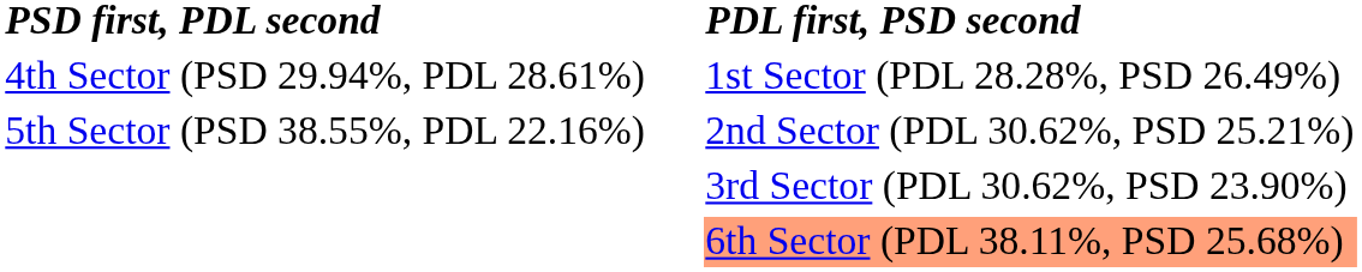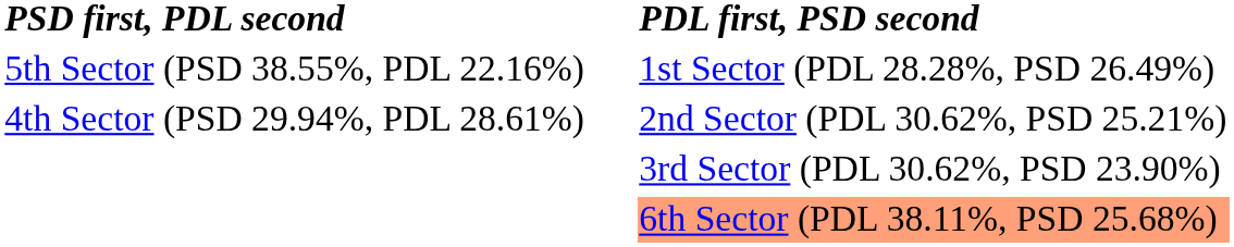 <table>
 <tr>
 <td></td>
 <td></td>
 <td></td>
 <td></td>
 <td></td>
 <td><strong><em>PSD first, PDL second</em></strong></td>
 <td></td>
 <td></td>
 <td></td>
 <td></td>
 <td></td>
 <td><strong><em>PDL first, PSD second</em></strong></td>
 </tr>
 <tr>
 <td></td>
 <td></td>
 <td></td>
 <td></td>
 <td></td>
-<td><a href='#'>4th Sector</a> (PSD 29.94%, PDL 28.61%)</td>
+<td><a href='#'>5th Sector</a> (PSD 38.55%, PDL 22.16%)</td>
 <td></td>
 <td></td>
 <td></td>
 <td></td>
 <td></td>
 <td><a href='#'>1st Sector</a> (PDL 28.28%, PSD 26.49%)</td>
 </tr>
 <tr>
 <td></td>
 <td></td>
 <td></td>
 <td></td>
 <td></td>
-<td><a href='#'>5th Sector</a> (PSD 38.55%, PDL 22.16%)</td>
+<td><a href='#'>4th Sector</a> (PSD 29.94%, PDL 28.61%)</td>
 <td></td>
 <td></td>
 <td></td>
 <td></td>
 <td></td>
 <td><a href='#'>2nd Sector</a> (PDL 30.62%, PSD 25.21%)</td>
 <td></td>
 <td></td>
 <td></td>
 <td></td>
 <td></td>
 </tr>
 <tr>
 <td></td>
 <td></td>
 <td></td>
 <td></td>
 <td></td>
 <td></td>
 <td></td>
 <td></td>
 <td></td>
 <td></td>
 <td></td>
 <td><a href='#'>3rd Sector</a> (PDL 30.62%, PSD 23.90%)</td>
 <td></td>
 <td></td>
 <td></td>
 <td></td>
 <td></td>
 </tr>
 <tr>
 <td></td>
 <td></td>
 <td></td>
 <td></td>
 <td></td>
 <td></td>
 <td></td>
 <td></td>
 <td></td>
 <td></td>
 <td></td>
 <td style="background: lightsalmon;"><a href='#'>6th Sector</a> (PDL 38.11%, PSD 25.68%)</td>
 </tr>
 </table>
